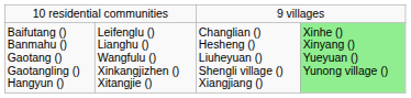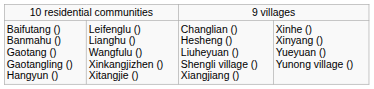 <table class="wikitable" width=90%>
 <tr align=center>
 <td align=center colspan=2>10 residential communities</td>
 <td align=center colspan=2>9 villages</td>
 </tr>
 <tr align=left valign="top">
 <td>Baifutang ()<br>Banmahu ()<br>Gaotang ()<br>Gaotangling ()<br>Hangyun ()</td>
 <td>Leifenglu ()<br>Lianghu () <br> Wangfulu () <br> Xinkangjizhen () <br> Xitangjie ()</td>
 <td>Changlian () <br> Hesheng () <br> Liuheyuan () <br> Shengli village () <br> Xiangjiang ()</td>
-<td style="background: lightgreen;">Xinhe () <br> Xinyang () <br> Yueyuan () <br> Yunong village ()</td>
+<td>Xinhe () <br> Xinyang () <br> Yueyuan () <br> Yunong village ()</td>
 </tr>
 </table>
